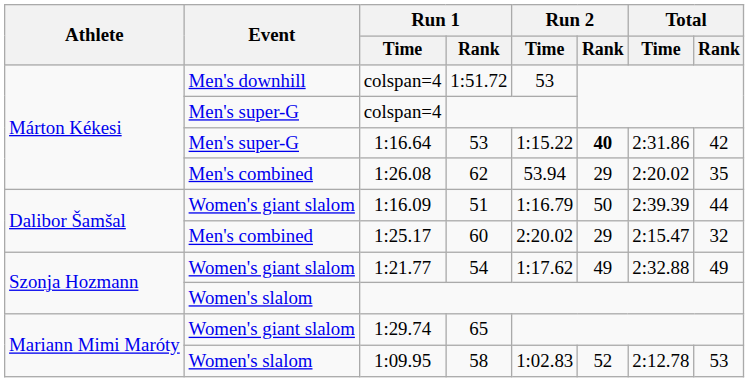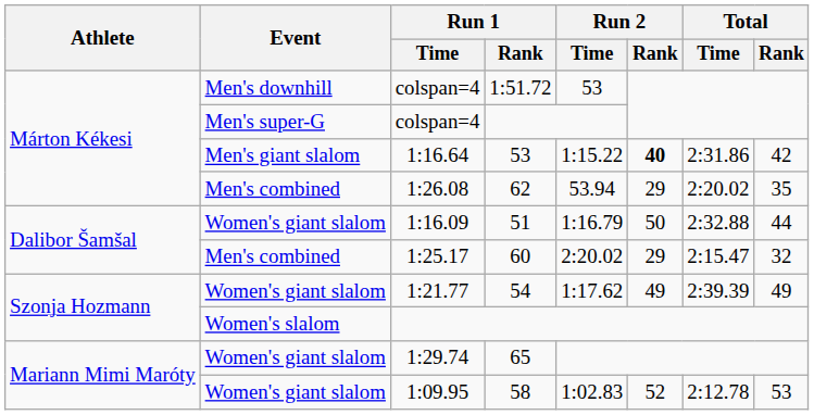 <table class="wikitable" style="font-size:90%">
 <tr>
 <th rowspan=2>Athlete</th>
 <th rowspan=2>Event</th>
 <th colspan=2>Run 1</th>
 <th colspan=2>Run 2</th>
 <th colspan=2>Total</th>
 </tr>
 <tr style="font-size:95%">
 <th>Time</th>
 <th>Rank</th>
 <th>Time</th>
 <th>Rank</th>
 <th>Time</th>
 <th>Rank</th>
 </tr>
 <tr align=center>
 <td align=left rowspan=4><a href='#'>Márton Kékesi</a></td>
 <td align=left><a href='#'>Men's downhill</a></td>
 <td>colspan=4 </td>
 <td>1:51.72</td>
 <td>53</td>
 </tr>
 <tr align=center>
 <td align=left><a href='#'>Men's super-G</a></td>
 <td>colspan=4 </td>
 <td colspan=2></td>
 </tr>
 <tr align=center>
-<td align=left><a href='#'>Men's super-G</a></td>
+<td align=left><a href='#'>Men's giant slalom</a></td>
 <td>1:16.64</td>
 <td>53</td>
 <td>1:15.22</td>
 <td><strong>40</strong></td>
 <td>2:31.86</td>
 <td>42</td>
 </tr>
 <tr align=center>
 <td align=left><a href='#'>Men's combined</a></td>
 <td>1:26.08</td>
 <td>62</td>
 <td>53.94</td>
 <td>29</td>
 <td>2:20.02</td>
 <td>35</td>
 </tr>
 <tr align=center>
 <td align=left rowspan=2><a href='#'>Dalibor Šamšal</a></td>
 <td align=left><a href='#'>Women's giant slalom</a></td>
 <td>1:16.09</td>
 <td>51</td>
 <td>1:16.79</td>
 <td>50</td>
-<td>2:39.39</td>
+<td>2:32.88</td>
 <td>44</td>
 </tr>
 <tr align=center>
 <td align=left><a href='#'>Men's combined</a></td>
 <td>1:25.17</td>
 <td>60</td>
 <td>2:20.02</td>
 <td>29</td>
 <td>2:15.47</td>
 <td>32</td>
 </tr>
 <tr align=center>
 <td align=left rowspan=2><a href='#'>Szonja Hozmann</a></td>
 <td align=left><a href='#'>Women's giant slalom</a></td>
 <td>1:21.77</td>
 <td>54</td>
 <td>1:17.62</td>
 <td>49</td>
-<td>2:32.88</td>
+<td>2:39.39</td>
 <td>49</td>
 </tr>
 <tr align=center>
 <td align=left><a href='#'>Women's slalom</a></td>
 <td colspan=6></td>
 </tr>
 <tr align=center>
 <td align=left rowspan=2><a href='#'>Mariann Mimi Maróty</a></td>
 <td align=left><a href='#'>Women's giant slalom</a></td>
 <td>1:29.74</td>
 <td>65</td>
 <td colspan=4></td>
 </tr>
 <tr align=center>
-<td align=left><a href='#'>Women's slalom</a></td>
+<td align=left><a href='#'>Women's giant slalom</a></td>
 <td>1:09.95</td>
 <td>58</td>
 <td>1:02.83</td>
 <td>52</td>
 <td>2:12.78</td>
 <td>53</td>
 </tr>
 </table>
